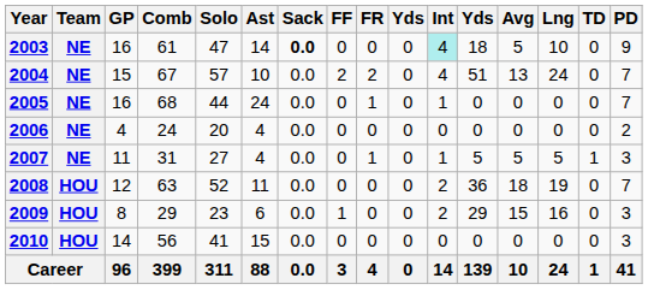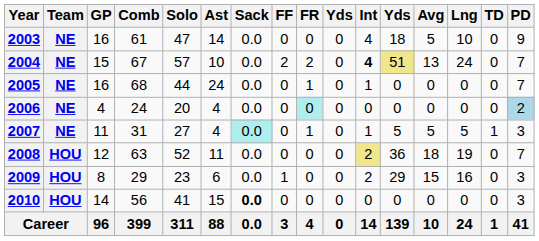 <table class="wikitable" style="text-align: center;">
 <tr>
 <th>Year</th>
 <th>Team</th>
 <th>GP</th>
 <th>Comb</th>
 <th>Solo</th>
 <th>Ast</th>
 <th>Sack</th>
 <th>FF</th>
 <th>FR</th>
 <th>Yds</th>
 <th>Int</th>
 <th>Yds</th>
 <th>Avg</th>
 <th>Lng</th>
 <th>TD</th>
 <th>PD</th>
 </tr>
 <tr>
 <th><a href='#'>2003</a></th>
 <th><a href='#'>NE</a></th>
 <td>16</td>
 <td>61</td>
 <td>47</td>
 <td>14</td>
-<td><strong>0.0</strong></td>
+<td>0.0</td>
 <td>0</td>
 <td>0</td>
 <td>0</td>
-<td style="background: paleturquoise;">4</td>
+<td>4</td>
 <td>18</td>
 <td>5</td>
 <td>10</td>
 <td>0</td>
 <td>9</td>
 </tr>
 <tr>
 <th><a href='#'>2004</a></th>
 <th><a href='#'>NE</a></th>
 <td>15</td>
 <td>67</td>
 <td>57</td>
 <td>10</td>
 <td>0.0</td>
 <td>2</td>
 <td>2</td>
 <td>0</td>
-<td>4</td>
-<td>51</td>
+<td><strong>4</strong></td>
+<td style="background: khaki;">51</td>
 <td>13</td>
 <td>24</td>
 <td>0</td>
 <td>7</td>
 </tr>
 <tr>
 <th><a href='#'>2005</a></th>
 <th><a href='#'>NE</a></th>
 <td>16</td>
 <td>68</td>
 <td>44</td>
 <td>24</td>
 <td>0.0</td>
 <td>0</td>
 <td>1</td>
 <td>0</td>
 <td>1</td>
 <td>0</td>
 <td>0</td>
 <td>0</td>
 <td>0</td>
 <td>7</td>
 </tr>
 <tr>
 <th><a href='#'>2006</a></th>
 <th><a href='#'>NE</a></th>
 <td>4</td>
 <td>24</td>
 <td>20</td>
 <td>4</td>
 <td>0.0</td>
 <td>0</td>
+<td style="background: paleturquoise;">0</td>
 <td>0</td>
 <td>0</td>
 <td>0</td>
 <td>0</td>
 <td>0</td>
 <td>0</td>
-<td>0</td>
-<td>2</td>
+<td style="background: lightblue;">2</td>
 </tr>
 <tr>
 <th><a href='#'>2007</a></th>
 <th><a href='#'>NE</a></th>
 <td>11</td>
 <td>31</td>
 <td>27</td>
 <td>4</td>
-<td>0.0</td>
+<td style="background: paleturquoise;">0.0</td>
 <td>0</td>
 <td>1</td>
 <td>0</td>
 <td>1</td>
 <td>5</td>
 <td>5</td>
 <td>5</td>
 <td>1</td>
 <td>3</td>
 </tr>
 <tr>
 <th><a href='#'>2008</a></th>
 <th><a href='#'>HOU</a></th>
 <td>12</td>
 <td>63</td>
 <td>52</td>
 <td>11</td>
 <td>0.0</td>
 <td>0</td>
 <td>0</td>
 <td>0</td>
-<td>2</td>
+<td style="background: khaki;">2</td>
 <td>36</td>
 <td>18</td>
 <td>19</td>
 <td>0</td>
 <td>7</td>
 </tr>
 <tr>
 <th><a href='#'>2009</a></th>
 <th><a href='#'>HOU</a></th>
 <td>8</td>
 <td>29</td>
 <td>23</td>
 <td>6</td>
 <td>0.0</td>
 <td>1</td>
 <td>0</td>
 <td>0</td>
 <td>2</td>
 <td>29</td>
 <td>15</td>
 <td>16</td>
 <td>0</td>
 <td>3</td>
 </tr>
 <tr>
 <th><a href='#'>2010</a></th>
 <th><a href='#'>HOU</a></th>
 <td>14</td>
 <td>56</td>
 <td>41</td>
 <td>15</td>
-<td>0.0</td>
+<td><strong>0.0</strong></td>
 <td>0</td>
 <td>0</td>
 <td>0</td>
 <td>0</td>
 <td>0</td>
 <td>0</td>
 <td>0</td>
 <td>0</td>
 <td>3</td>
 </tr>
 <tr>
 <th colspan="2">Career</th>
 <th>96</th>
 <th>399</th>
 <th>311</th>
 <th>88</th>
 <th>0.0</th>
 <th>3</th>
 <th>4</th>
 <th>0</th>
 <th>14</th>
 <th>139</th>
 <th>10</th>
 <th>24</th>
 <th>1</th>
 <th>41</th>
 </tr>
 </table>
